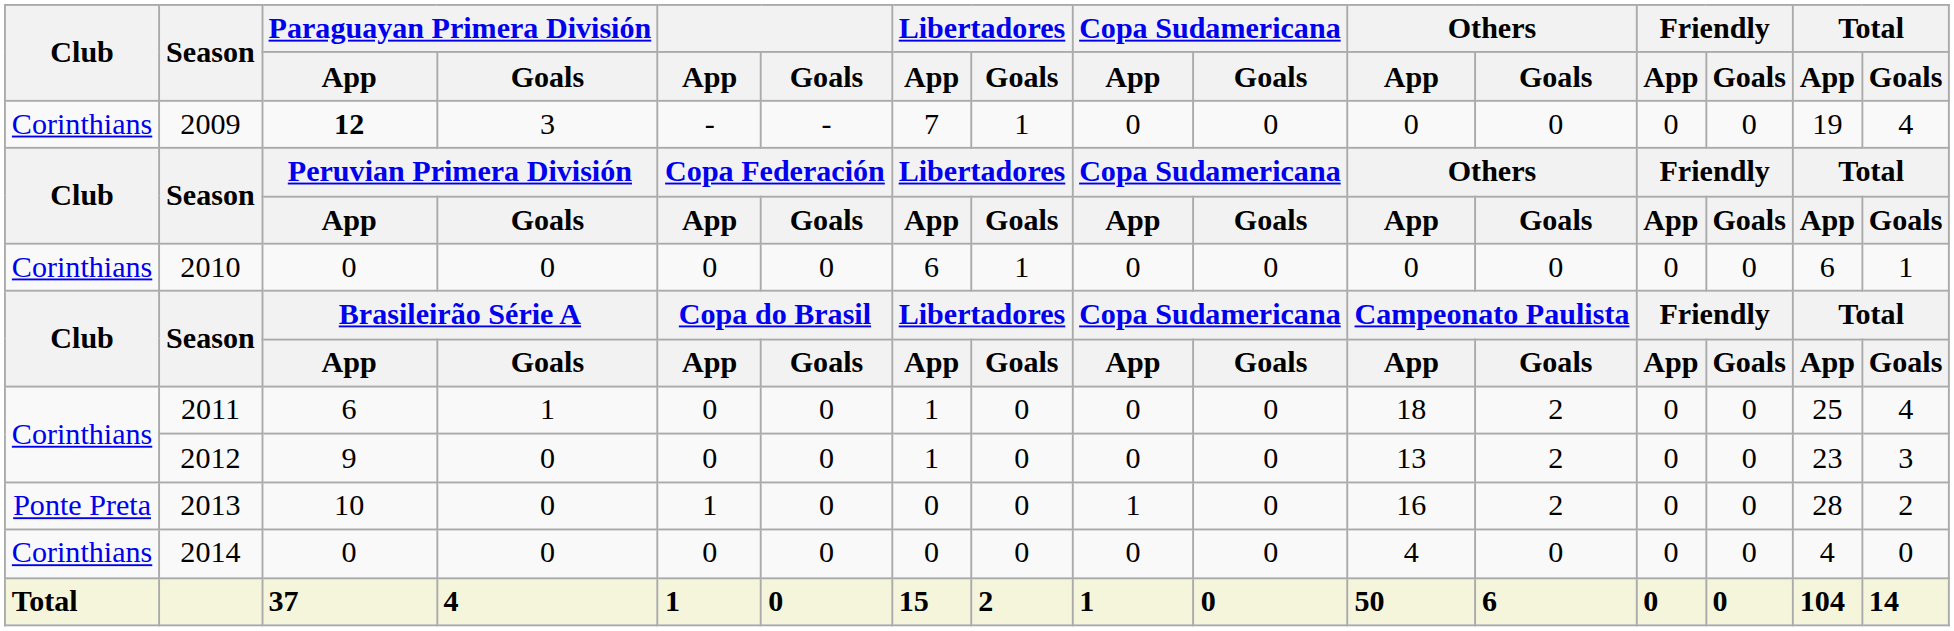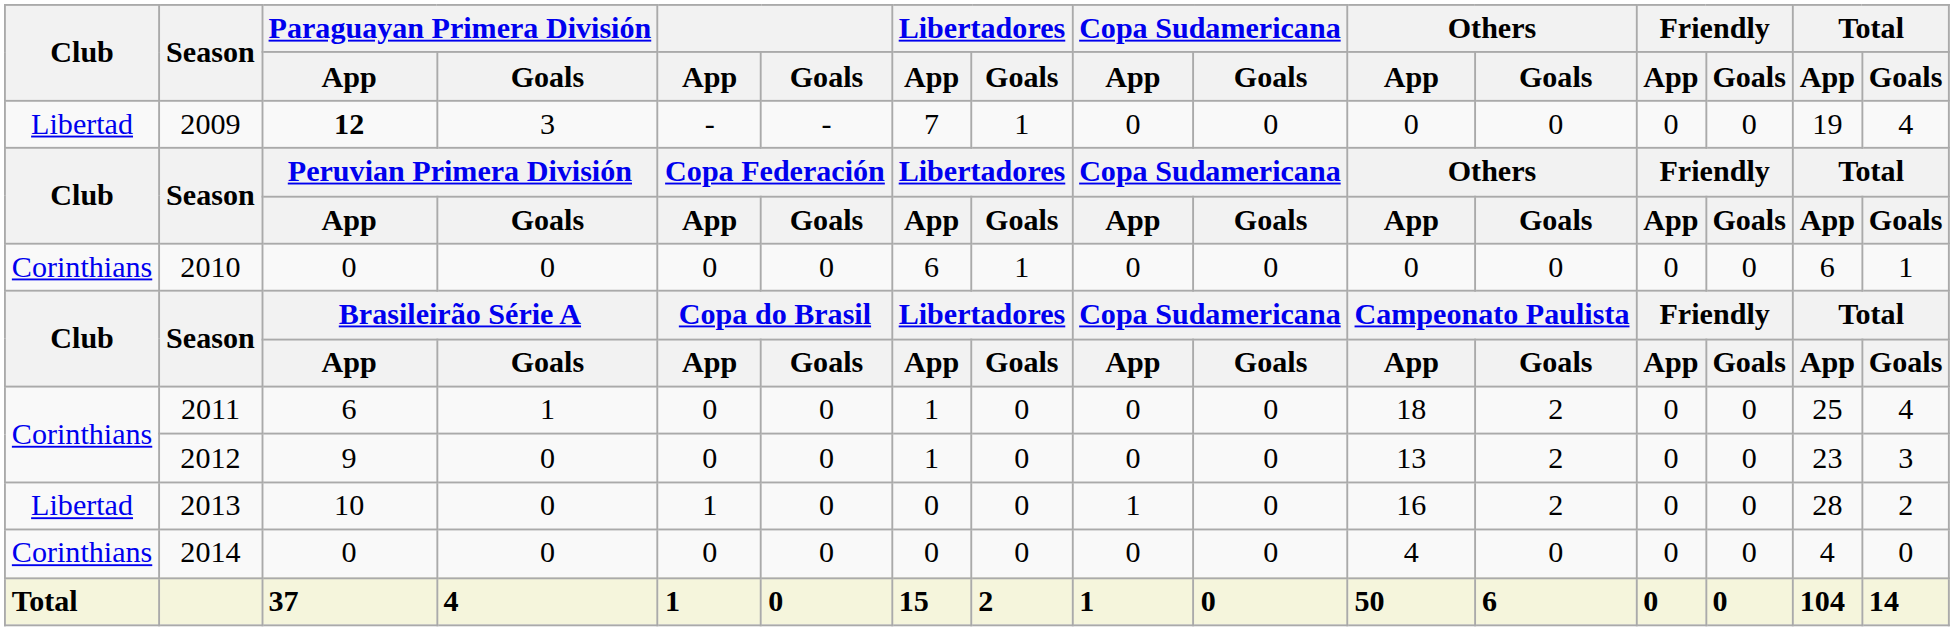 <table class="wikitable" style="text-align: center;">
 <tr>
 <th rowspan="2">Club</th>
 <th rowspan="2">Season</th>
 <th colspan="2"><a href='#'>Paraguayan Primera División</a></th>
 <th colspan="2"></th>
 <th colspan="2"><a href='#'>Libertadores</a></th>
 <th colspan="2"><a href='#'>Copa Sudamericana</a></th>
 <th colspan="2">Others</th>
 <th colspan="2">Friendly</th>
 <th colspan="2">Total</th>
 </tr>
 <tr>
 <th>App</th>
 <th>Goals</th>
 <th>App</th>
 <th>Goals</th>
 <th>App</th>
 <th>Goals</th>
 <th>App</th>
 <th>Goals</th>
 <th>App</th>
 <th>Goals</th>
 <th>App</th>
 <th>Goals</th>
 <th>App</th>
 <th>Goals</th>
 </tr>
 <tr>
-<td rowspan="1"><a href='#'>Corinthians</a></td>
+<td rowspan="1"><a href='#'>Libertad</a></td>
 <td>2009</td>
 <td><strong>12</strong></td>
 <td>3</td>
 <td>-</td>
 <td>-</td>
 <td>7</td>
 <td>1</td>
 <td>0</td>
 <td>0</td>
 <td>0</td>
 <td>0</td>
 <td>0</td>
 <td>0</td>
 <td>19</td>
 <td>4</td>
 </tr>
 <tr>
 <th rowspan="2">Club</th>
 <th rowspan="2">Season</th>
 <th colspan="2"><a href='#'>Peruvian Primera División</a></th>
 <th colspan="2"><a href='#'>Copa Federación</a></th>
 <th colspan="2"><a href='#'>Libertadores</a></th>
 <th colspan="2"><a href='#'>Copa Sudamericana</a></th>
 <th colspan="2">Others</th>
 <th colspan="2">Friendly</th>
 <th colspan="2">Total</th>
 </tr>
 <tr>
 <th>App</th>
 <th>Goals</th>
 <th>App</th>
 <th>Goals</th>
 <th>App</th>
 <th>Goals</th>
 <th>App</th>
 <th>Goals</th>
 <th>App</th>
 <th>Goals</th>
 <th>App</th>
 <th>Goals</th>
 <th>App</th>
 <th>Goals</th>
 </tr>
 <tr>
 <td rowspan="1"><a href='#'>Corinthians</a></td>
 <td>2010</td>
 <td>0</td>
 <td>0</td>
 <td>0</td>
 <td>0</td>
 <td>6</td>
 <td>1</td>
 <td>0</td>
 <td>0</td>
 <td>0</td>
 <td>0</td>
 <td>0</td>
 <td>0</td>
 <td>6</td>
 <td>1</td>
 </tr>
 <tr>
 <th rowspan="2">Club</th>
 <th rowspan="2">Season</th>
 <th colspan="2"><a href='#'>Brasileirão Série A</a></th>
 <th colspan="2"><a href='#'>Copa do Brasil</a></th>
 <th colspan="2"><a href='#'>Libertadores</a></th>
 <th colspan="2"><a href='#'>Copa Sudamericana</a></th>
 <th colspan="2"><a href='#'>Campeonato Paulista</a></th>
 <th colspan="2">Friendly</th>
 <th colspan="2">Total</th>
 </tr>
 <tr>
 <th>App</th>
 <th>Goals</th>
 <th>App</th>
 <th>Goals</th>
 <th>App</th>
 <th>Goals</th>
 <th>App</th>
 <th>Goals</th>
 <th>App</th>
 <th>Goals</th>
 <th>App</th>
 <th>Goals</th>
 <th>App</th>
 <th>Goals</th>
 </tr>
 <tr>
 <td rowspan="2"><a href='#'>Corinthians</a></td>
 <td>2011</td>
 <td>6</td>
 <td>1</td>
 <td>0</td>
 <td>0</td>
 <td>1</td>
 <td>0</td>
 <td>0</td>
 <td>0</td>
 <td>18</td>
 <td>2</td>
 <td>0</td>
 <td>0</td>
 <td>25</td>
 <td>4</td>
 </tr>
 <tr>
 <td>2012</td>
 <td>9</td>
 <td>0</td>
 <td>0</td>
 <td>0</td>
 <td>1</td>
 <td>0</td>
 <td>0</td>
 <td>0</td>
 <td>13</td>
 <td>2</td>
 <td>0</td>
 <td>0</td>
 <td>23</td>
 <td>3</td>
 </tr>
 <tr>
-<td rowspan="1"><a href='#'>Ponte Preta</a></td>
+<td rowspan="1"><a href='#'>Libertad</a></td>
 <td>2013</td>
 <td>10</td>
 <td>0</td>
 <td>1</td>
 <td>0</td>
 <td>0</td>
 <td>0</td>
 <td>1</td>
 <td>0</td>
 <td>16</td>
 <td>2</td>
 <td>0</td>
 <td>0</td>
 <td>28</td>
 <td>2</td>
 </tr>
 <tr>
 <td rowspan="1"><a href='#'>Corinthians</a></td>
 <td>2014</td>
 <td>0</td>
 <td>0</td>
 <td>0</td>
 <td>0</td>
 <td>0</td>
 <td>0</td>
 <td>0</td>
 <td>0</td>
 <td>4</td>
 <td>0</td>
 <td>0</td>
 <td>0</td>
 <td>4</td>
 <td>0</td>
 </tr>
 <tr>
 <th style="text-align:left; background:beige;">Total</th>
 <th style="text-align:left; background:beige;"></th>
 <th style="text-align:left; background:beige;">37</th>
 <th style="text-align:left; background:beige;">4</th>
 <th style="text-align:left; background:beige;">1</th>
 <th style="text-align:left; background:beige;">0</th>
 <th style="text-align:left; background:beige;">15</th>
 <th style="text-align:left; background:beige;">2</th>
 <th style="text-align:left; background:beige;">1</th>
 <th style="text-align:left; background:beige;">0</th>
 <th style="text-align:left; background:beige;">50</th>
 <th style="text-align:left; background:beige;">6</th>
 <th style="text-align:left; background:beige;">0</th>
 <th style="text-align:left; background:beige;">0</th>
 <th style="text-align:left; background:beige;">104</th>
 <th style="text-align:left; background:beige;">14</th>
 </tr>
 </table>
